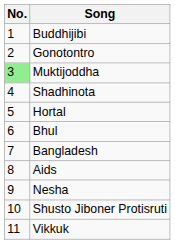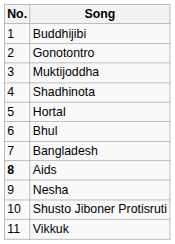 <table class="wikitable">
 <tr>
 <th>No.</th>
 <th>Song</th>
 </tr>
 <tr>
 <td>1</td>
 <td>Buddhijibi</td>
 </tr>
 <tr>
 <td>2</td>
 <td>Gonotontro</td>
 </tr>
 <tr>
-<td style="background: lightgreen;">3</td>
+<td>3</td>
 <td>Muktijoddha</td>
 </tr>
 <tr>
 <td>4</td>
 <td>Shadhinota</td>
 </tr>
 <tr>
 <td>5</td>
 <td>Hortal</td>
 </tr>
 <tr>
 <td>6</td>
 <td>Bhul</td>
 </tr>
 <tr>
 <td>7</td>
 <td>Bangladesh</td>
 </tr>
 <tr>
-<td>8</td>
+<td><strong>8</strong></td>
 <td>Aids</td>
 </tr>
 <tr>
 <td>9</td>
 <td>Nesha</td>
 </tr>
 <tr>
 <td>10</td>
 <td>Shusto Jiboner Protisruti</td>
 </tr>
 <tr>
 <td>11</td>
 <td>Vikkuk</td>
 </tr>
 </table>
